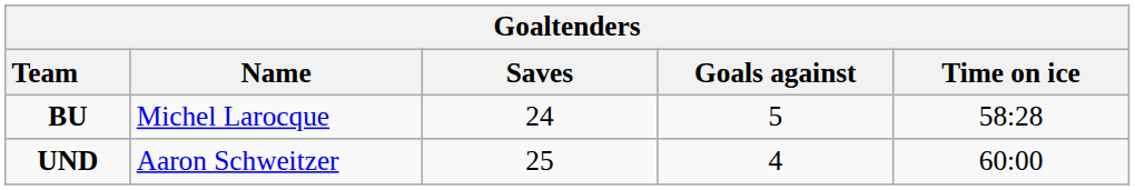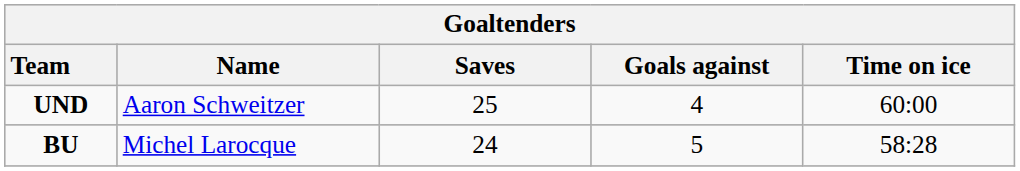 <table class="wikitable" style="width:40em; text-align:right;">
 <tr>
 <th colspan=5>Goaltenders</th>
 </tr>
 <tr>
 <th style="width:4em; text-align:left;">Team</th>
 <th style="width:10em;">Name</th>
 <th style="width:8em;">Saves</th>
 <th style="width:8em;">Goals against</th>
 <th style="width:8em;">Time on ice</th>
 </tr>
 <tr>
+<td align=center><strong>UND</strong></td>
+<td style="text-align:left;"><a href='#'>Aaron Schweitzer</a></td>
+<td align=center>25</td>
+<td align=center>4</td>
+<td align=center>60:00</td>
+</tr>
+<tr>
 <td align=center><strong>BU</strong></td>
 <td style="text-align:left;"><a href='#'>Michel Larocque</a></td>
 <td align=center>24</td>
 <td align=center>5</td>
 <td align=center>58:28</td>
 </tr>
-<tr>
-<td align=center><strong>UND</strong></td>
-<td style="text-align:left;"><a href='#'>Aaron Schweitzer</a></td>
-<td align=center>25</td>
-<td align=center>4</td>
-<td align=center>60:00</td>
-</tr>
 </table>
